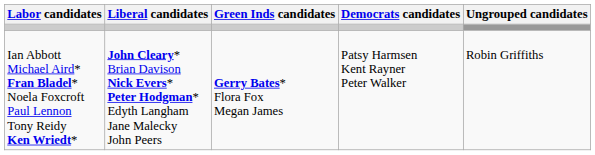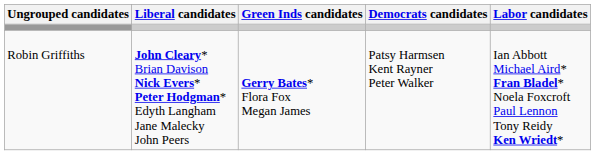 <table class="wikitable">
 <tr>
-<th><a href='#'>Labor</a> candidates</th>
+<th>Ungrouped candidates</th>
 <th><a href='#'>Liberal</a> candidates</th>
 <th><a href='#'>Green Inds</a> candidates</th>
 <th><a href='#'>Democrats</a> candidates</th>
-<th>Ungrouped candidates</th>
+<th><a href='#'>Labor</a> candidates</th>
 </tr>
 <tr bgcolor="#cccccc">
+<td bgcolor="#999999"></td>
 <td></td>
 <td></td>
 <td></td>
 <td></td>
-<td bgcolor="#999999"></td>
 </tr>
 <tr>
-<td><br>Ian Abbott<br> <a href='#'>Michael Aird</a>*<br> <strong><a href='#'>Fran Bladel</a></strong>*<br> Noela Foxcroft<br> <a href='#'>Paul Lennon</a><br> Tony Reidy<br> <strong><a href='#'>Ken Wriedt</a></strong>*</td>
+<td valign=top><br>Robin Griffiths</td>
 <td><br><strong><a href='#'>John Cleary</a></strong>*<br> <a href='#'>Brian Davison</a><br> <strong><a href='#'>Nick Evers</a></strong>*<br> <strong><a href='#'>Peter Hodgman</a></strong>*<br> Edyth Langham<br> Jane Malecky<br> John Peers</td>
 <td><br><strong><a href='#'>Gerry Bates</a></strong>*<br> Flora Fox<br> Megan James</td>
 <td valign=top><br>Patsy Harmsen<br> Kent Rayner<br> Peter Walker</td>
-<td valign=top><br>Robin Griffiths</td>
+<td><br>Ian Abbott<br> <a href='#'>Michael Aird</a>*<br> <strong><a href='#'>Fran Bladel</a></strong>*<br> Noela Foxcroft<br> <a href='#'>Paul Lennon</a><br> Tony Reidy<br> <strong><a href='#'>Ken Wriedt</a></strong>*</td>
 </tr>
 </table>
